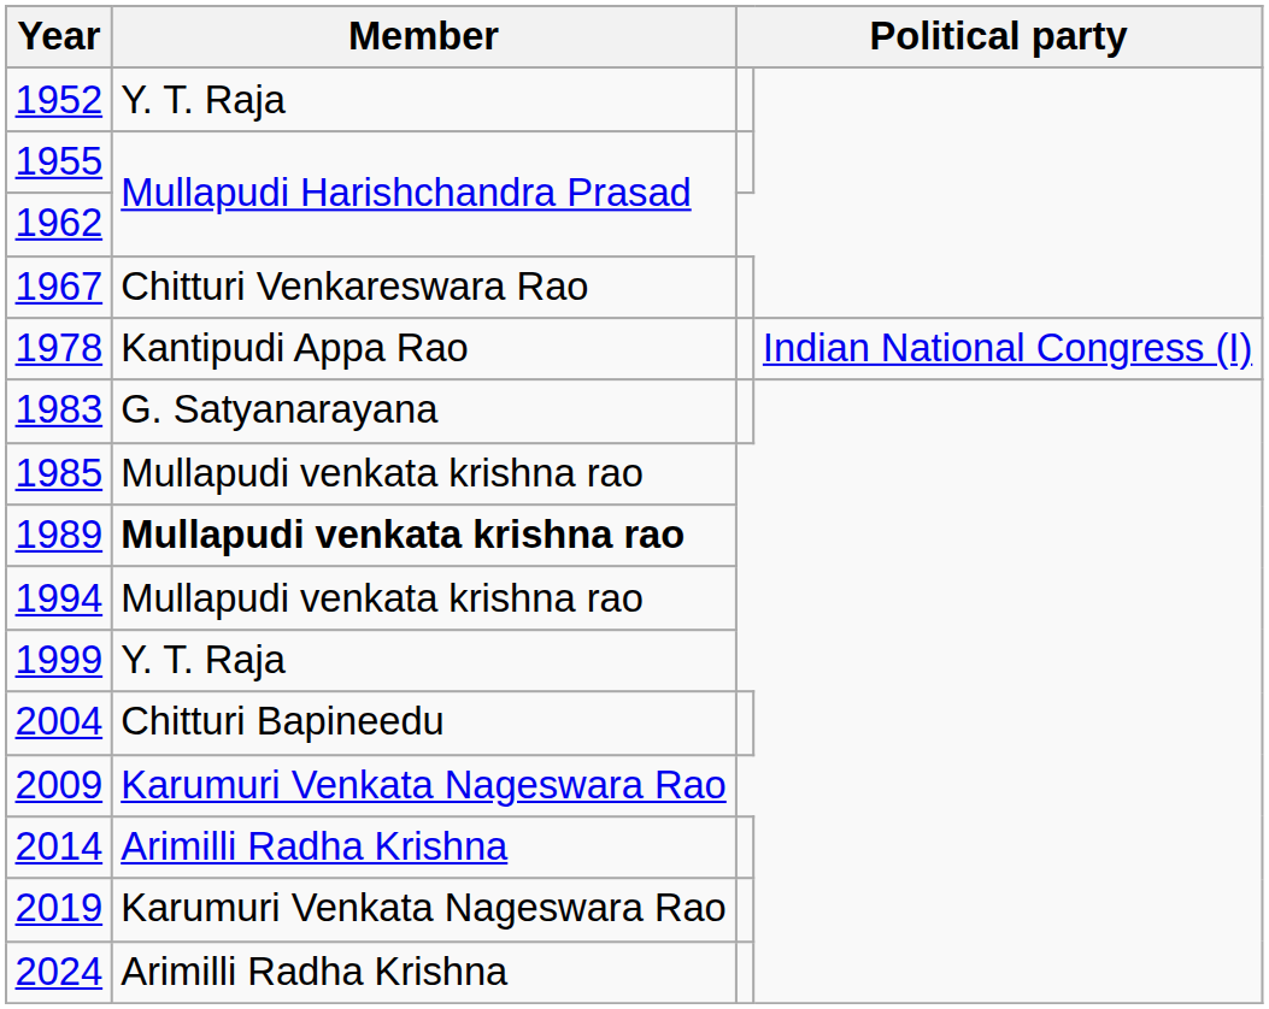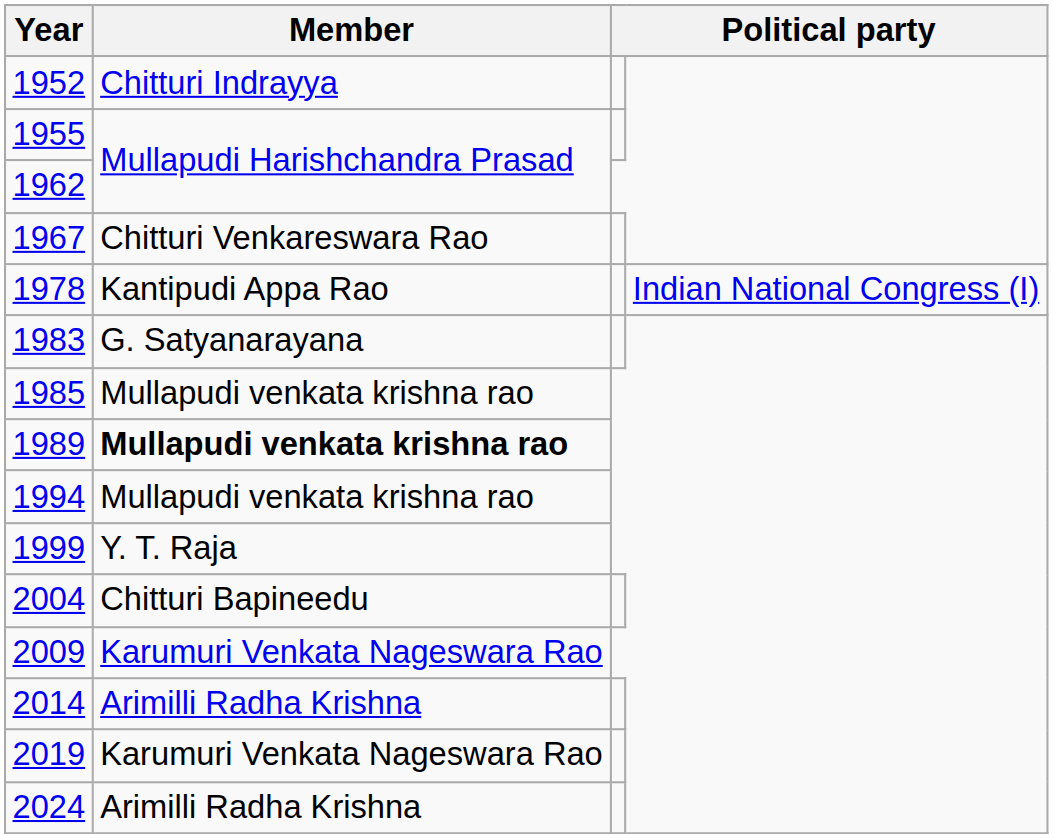 <table class="wikitable sortable">
 <tr>
 <th>Year</th>
 <th>Member</th>
 <th colspan="2">Political party</th>
 </tr>
 <tr>
 <td><a href='#'>1952</a></td>
-<td>Y. T. Raja</td>
+<td><a href='#'>Chitturi Indrayya</a></td>
 <td></td>
 </tr>
 <tr>
 <td><a href='#'>1955</a></td>
 <td rowspan=2><a href='#'>Mullapudi Harishchandra Prasad</a></td>
 <td></td>
 </tr>
 <tr>
 <td><a href='#'>1962</a></td>
 </tr>
 <tr>
 <td><a href='#'>1967</a></td>
 <td Rowspan=1>Chitturi Venkareswara Rao</td>
 <td></td>
 </tr>
 <tr>
 <td><a href='#'>1978</a></td>
 <td>Kantipudi Appa Rao</td>
 <td style="background-color: "></td>
 <td><a href='#'>Indian National Congress (I)</a></td>
 </tr>
 <tr>
 <td><a href='#'>1983</a></td>
 <td>G. Satyanarayana</td>
 <td></td>
 </tr>
 <tr>
 <td><a href='#'>1985</a></td>
 <td>Mullapudi venkata krishna rao</td>
 </tr>
 <tr>
 <td><a href='#'>1989</a></td>
 <td><strong>Mullapudi venkata krishna rao</strong></td>
 </tr>
 <tr>
 <td><a href='#'>1994</a></td>
 <td>Mullapudi venkata krishna rao</td>
 </tr>
 <tr>
 <td><a href='#'>1999</a></td>
 <td>Y. T. Raja</td>
 </tr>
 <tr>
 <td><a href='#'>2004</a></td>
 <td>Chitturi Bapineedu</td>
 <td></td>
 </tr>
 <tr>
 <td><a href='#'>2009</a></td>
 <td><a href='#'>Karumuri Venkata Nageswara Rao</a></td>
 </tr>
 <tr>
 <td><a href='#'>2014</a></td>
 <td><a href='#'>Arimilli Radha Krishna</a></td>
 <td></td>
 </tr>
 <tr>
 <td><a href='#'>2019</a></td>
 <td>Karumuri Venkata Nageswara Rao</td>
 <td></td>
 </tr>
 <tr>
 <td><a href='#'>2024</a></td>
 <td>Arimilli Radha Krishna</td>
 <td></td>
 </tr>
 </table>
